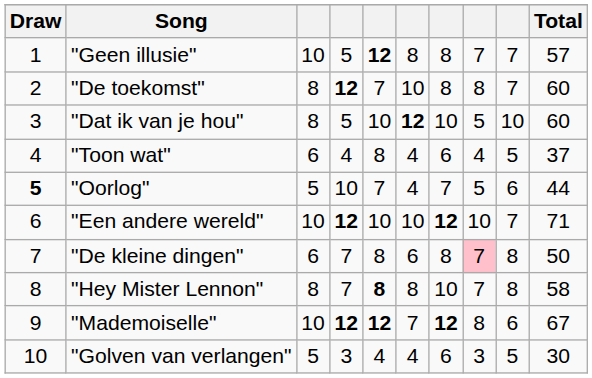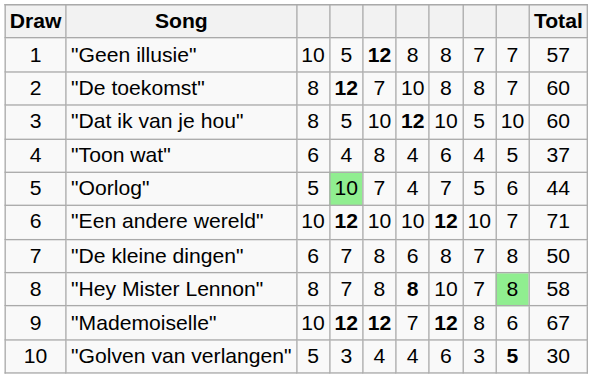 <table class="wikitable" style="margin: 1em auto 1em auto; text-align:center">
 <tr>
 </tr>
 <tr>
 <th>Draw</th>
 <th>Song</th>
 <th></th>
 <th></th>
 <th></th>
 <th></th>
 <th></th>
 <th></th>
 <th></th>
 <th>Total</th>
 </tr>
 <tr>
 <td>1</td>
 <td align="left">"Geen illusie"</td>
 <td>10</td>
 <td>5</td>
 <td><strong>12</strong></td>
 <td>8</td>
 <td>8</td>
 <td>7</td>
 <td>7</td>
 <td>57</td>
 </tr>
 <tr>
 <td>2</td>
 <td align="left">"De toekomst"</td>
 <td>8</td>
 <td><strong>12</strong></td>
 <td>7</td>
 <td>10</td>
 <td>8</td>
 <td>8</td>
 <td>7</td>
 <td>60</td>
 </tr>
 <tr>
 <td>3</td>
 <td align="left">"Dat ik van je hou"</td>
 <td>8</td>
 <td>5</td>
 <td>10</td>
 <td><strong>12</strong></td>
 <td>10</td>
 <td>5</td>
 <td>10</td>
 <td>60</td>
 </tr>
 <tr>
 <td>4</td>
 <td align="left">"Toon wat"</td>
 <td>6</td>
 <td>4</td>
 <td>8</td>
 <td>4</td>
 <td>6</td>
 <td>4</td>
 <td>5</td>
 <td>37</td>
 </tr>
 <tr>
-<td><strong>5</strong></td>
+<td>5</td>
 <td align="left">"Oorlog"</td>
 <td>5</td>
-<td>10</td>
+<td style="background: lightgreen;">10</td>
 <td>7</td>
 <td>4</td>
 <td>7</td>
 <td>5</td>
 <td>6</td>
 <td>44</td>
 </tr>
 <tr>
 <td>6</td>
 <td align="left">"Een andere wereld"</td>
 <td>10</td>
 <td><strong>12</strong></td>
 <td>10</td>
 <td>10</td>
 <td><strong>12</strong></td>
 <td>10</td>
 <td>7</td>
 <td>71</td>
 </tr>
 <tr>
 <td>7</td>
 <td align="left">"De kleine dingen"</td>
 <td>6</td>
 <td>7</td>
 <td>8</td>
 <td>6</td>
 <td>8</td>
-<td style="background: pink;">7</td>
+<td>7</td>
 <td>8</td>
 <td>50</td>
 </tr>
 <tr>
 <td>8</td>
 <td align="left">"Hey Mister Lennon"</td>
 <td>8</td>
 <td>7</td>
+<td>8</td>
 <td><strong>8</strong></td>
-<td>8</td>
 <td>10</td>
 <td>7</td>
-<td>8</td>
+<td style="background: lightgreen;">8</td>
 <td>58</td>
 </tr>
 <tr>
 <td>9</td>
 <td align="left">"Mademoiselle"</td>
 <td>10</td>
 <td><strong>12</strong></td>
 <td><strong>12</strong></td>
 <td>7</td>
 <td><strong>12</strong></td>
 <td>8</td>
 <td>6</td>
 <td>67</td>
 </tr>
 <tr>
 <td>10</td>
 <td align="left">"Golven van verlangen"</td>
 <td>5</td>
 <td>3</td>
 <td>4</td>
 <td>4</td>
 <td>6</td>
 <td>3</td>
-<td>5</td>
+<td><strong>5</strong></td>
 <td>30</td>
 </tr>
 </table>
